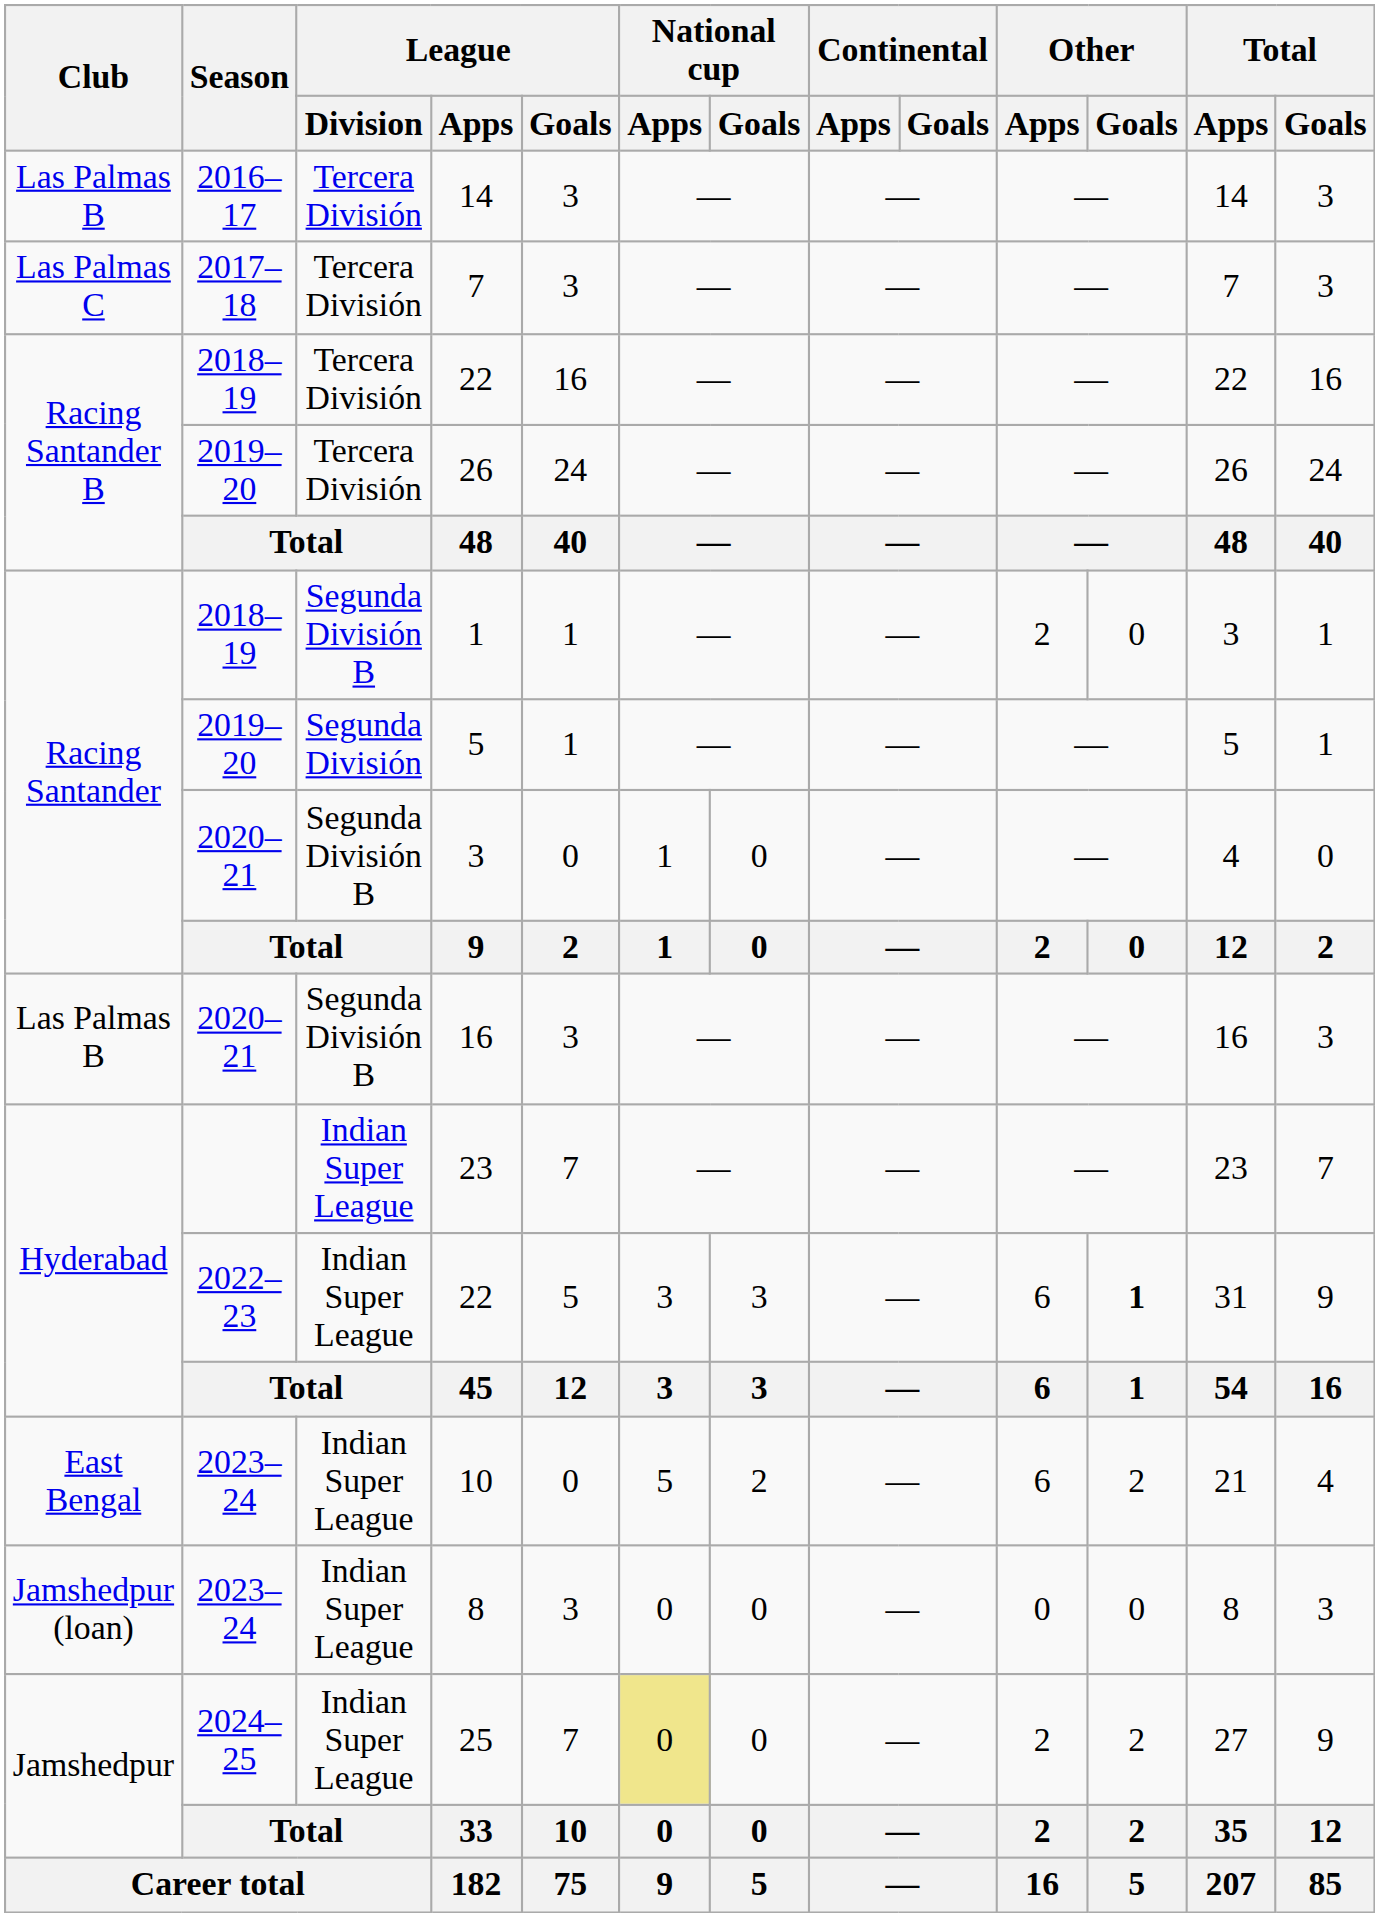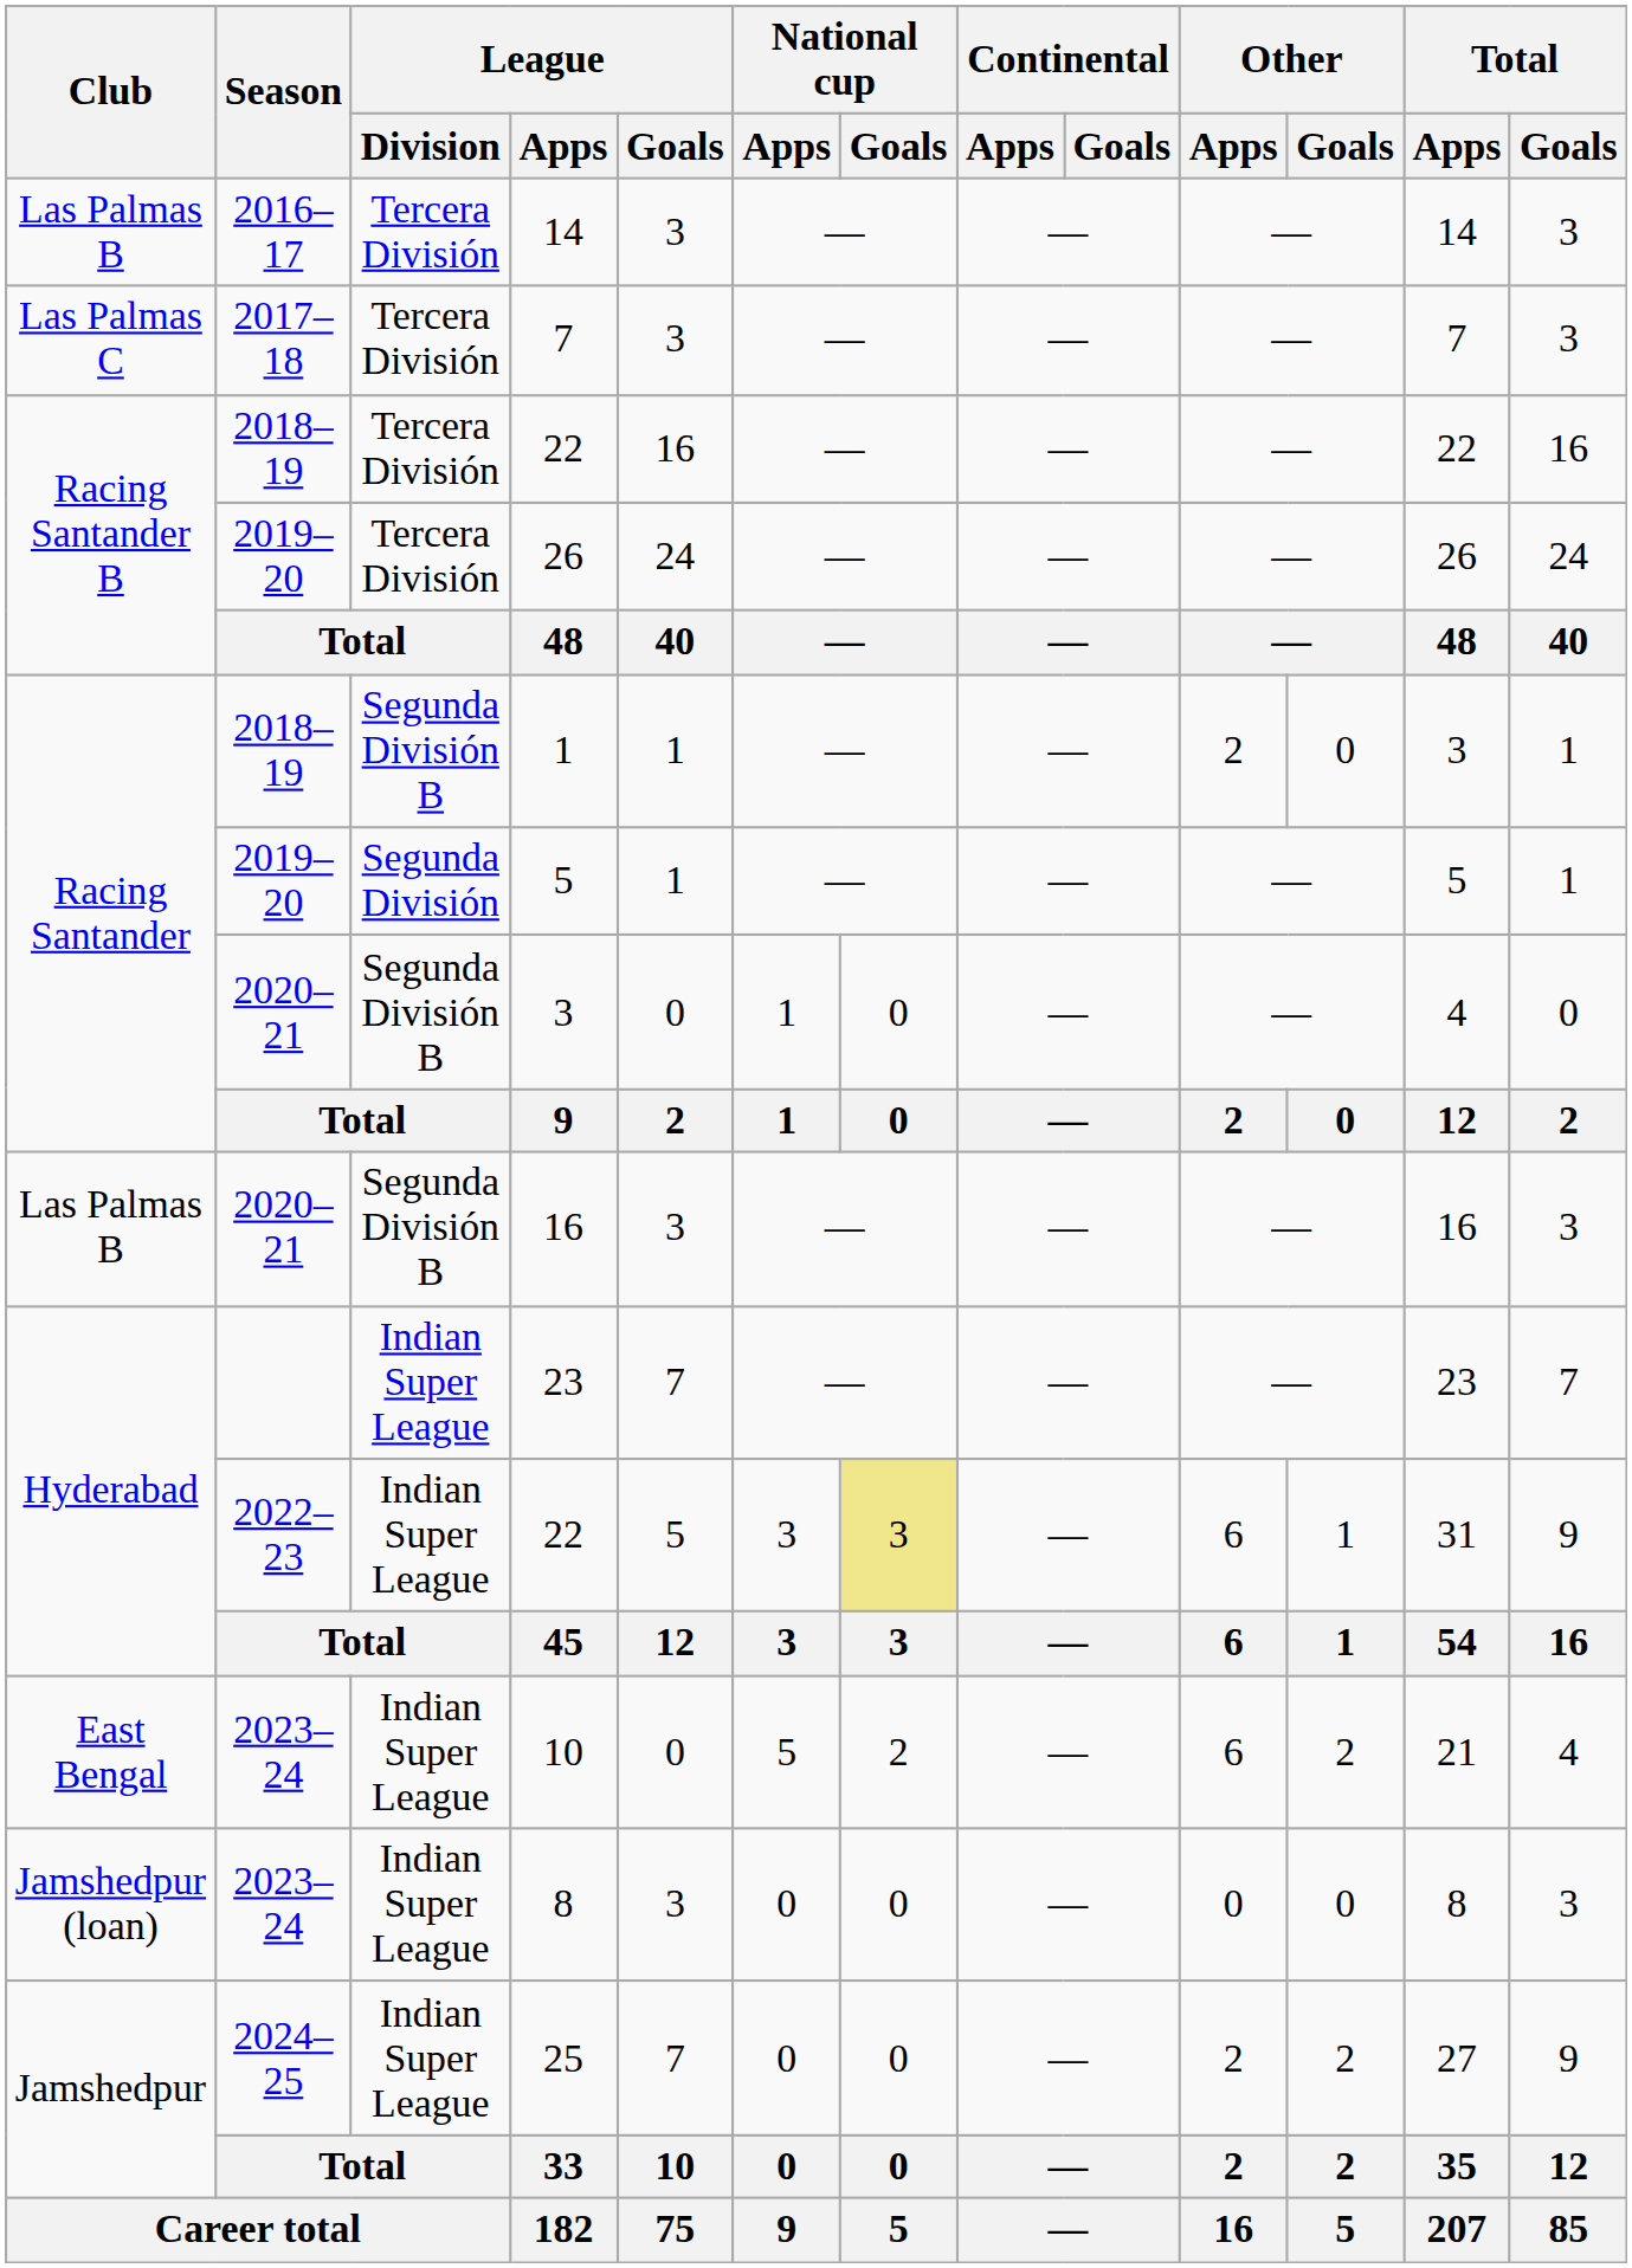 <table class="wikitable" style="text-align:center">
 <tr>
 <th rowspan="2">Club</th>
 <th rowspan="2">Season</th>
 <th colspan="3">League</th>
 <th colspan="2">National cup</th>
 <th colspan="2">Continental</th>
 <th colspan="2">Other</th>
 <th colspan="2">Total</th>
 </tr>
 <tr>
 <th>Division</th>
 <th>Apps</th>
 <th>Goals</th>
 <th>Apps</th>
 <th>Goals</th>
 <th>Apps</th>
 <th>Goals</th>
 <th>Apps</th>
 <th>Goals</th>
 <th>Apps</th>
 <th>Goals</th>
 </tr>
 <tr>
 <td><a href='#'>Las Palmas B</a></td>
 <td><a href='#'>2016–17</a></td>
 <td><a href='#'>Tercera División</a></td>
 <td>14</td>
 <td>3</td>
 <td colspan="2">—</td>
 <td colspan="2">—</td>
 <td colspan="2">—</td>
 <td>14</td>
 <td>3</td>
 </tr>
 <tr>
 <td><a href='#'>Las Palmas C</a></td>
 <td><a href='#'>2017–18</a></td>
 <td>Tercera División</td>
 <td>7</td>
 <td>3</td>
 <td colspan="2">—</td>
 <td colspan="2">—</td>
 <td colspan="2">—</td>
 <td>7</td>
 <td>3</td>
 </tr>
 <tr>
 <td rowspan="3"><a href='#'>Racing Santander B</a></td>
 <td><a href='#'>2018–19</a></td>
 <td>Tercera División</td>
 <td>22</td>
 <td>16</td>
 <td colspan="2">—</td>
 <td colspan="2">—</td>
 <td colspan="2">—</td>
 <td>22</td>
 <td>16</td>
 </tr>
 <tr>
 <td><a href='#'>2019–20</a></td>
 <td>Tercera División</td>
 <td>26</td>
 <td>24</td>
 <td colspan="2">—</td>
 <td colspan="2">—</td>
 <td colspan="2">—</td>
 <td>26</td>
 <td>24</td>
 </tr>
 <tr>
 <th colspan="2">Total</th>
 <th>48</th>
 <th>40</th>
 <th colspan="2">—</th>
 <th colspan="2">—</th>
 <th colspan="2">—</th>
 <th>48</th>
 <th>40</th>
 </tr>
 <tr>
 <td rowspan="4"><a href='#'>Racing Santander</a></td>
 <td><a href='#'>2018–19</a></td>
 <td><a href='#'>Segunda División B</a></td>
 <td>1</td>
 <td>1</td>
 <td colspan="2">—</td>
 <td colspan="2">—</td>
 <td>2</td>
 <td>0</td>
 <td>3</td>
 <td>1</td>
 </tr>
 <tr>
 <td><a href='#'>2019–20</a></td>
 <td><a href='#'>Segunda División</a></td>
 <td>5</td>
 <td>1</td>
 <td colspan="2">—</td>
 <td colspan="2">—</td>
 <td colspan="2">—</td>
 <td>5</td>
 <td>1</td>
 </tr>
 <tr>
 <td><a href='#'>2020–21</a></td>
 <td>Segunda División B</td>
 <td>3</td>
 <td>0</td>
 <td>1</td>
 <td>0</td>
 <td colspan="2">—</td>
 <td colspan="2">—</td>
 <td>4</td>
 <td>0</td>
 </tr>
 <tr>
 <th colspan="2">Total</th>
 <th>9</th>
 <th>2</th>
 <th>1</th>
 <th>0</th>
 <th colspan="2">—</th>
 <th>2</th>
 <th>0</th>
 <th>12</th>
 <th>2</th>
 </tr>
 <tr>
 <td>Las Palmas B</td>
 <td><a href='#'>2020–21</a></td>
 <td>Segunda División B</td>
 <td>16</td>
 <td>3</td>
 <td colspan="2">—</td>
 <td colspan="2">—</td>
 <td colspan="2">—</td>
 <td>16</td>
 <td>3</td>
 </tr>
 <tr>
 <td rowspan="3"><a href='#'>Hyderabad</a></td>
 <td></td>
 <td><a href='#'>Indian Super League</a></td>
 <td>23</td>
 <td>7</td>
 <td colspan="2">—</td>
 <td colspan="2">—</td>
 <td colspan="2">—</td>
 <td>23</td>
 <td>7</td>
 </tr>
 <tr>
 <td><a href='#'>2022–23</a></td>
 <td>Indian Super League</td>
 <td>22</td>
 <td>5</td>
 <td>3</td>
-<td>3</td>
+<td style="background: khaki;">3</td>
 <td colspan="2">—</td>
 <td>6</td>
-<td><strong>1</strong></td>
+<td>1</td>
 <td>31</td>
 <td>9</td>
 </tr>
 <tr>
 <th colspan="2">Total</th>
 <th>45</th>
 <th>12</th>
 <th>3</th>
 <th>3</th>
 <th colspan="2">—</th>
 <th>6</th>
 <th>1</th>
 <th>54</th>
 <th>16</th>
 </tr>
 <tr>
 <td><a href='#'>East Bengal</a></td>
 <td><a href='#'>2023–24</a></td>
 <td>Indian Super League</td>
 <td>10</td>
 <td>0</td>
 <td>5</td>
 <td>2</td>
 <td colspan="2">—</td>
 <td>6</td>
 <td>2</td>
 <td>21</td>
 <td>4</td>
 </tr>
 <tr>
 <td><a href='#'>Jamshedpur</a> (loan)</td>
 <td><a href='#'>2023–24</a></td>
 <td>Indian Super League</td>
 <td>8</td>
 <td>3</td>
 <td>0</td>
 <td>0</td>
 <td colspan="2">—</td>
 <td>0</td>
 <td>0</td>
 <td>8</td>
 <td>3</td>
 </tr>
 <tr>
 <td rowspan="2">Jamshedpur</td>
 <td><a href='#'>2024–25</a></td>
 <td>Indian Super League</td>
 <td>25</td>
 <td>7</td>
-<td style="background: khaki;">0</td>
+<td>0</td>
 <td>0</td>
 <td colspan="2">—</td>
 <td>2</td>
 <td>2</td>
 <td>27</td>
 <td>9</td>
 </tr>
 <tr>
 <th colspan="2">Total</th>
 <th>33</th>
 <th>10</th>
 <th>0</th>
 <th>0</th>
 <th colspan="2">—</th>
 <th>2</th>
 <th>2</th>
 <th>35</th>
 <th>12</th>
 </tr>
 <tr>
 <th colspan="3">Career total</th>
 <th>182</th>
 <th>75</th>
 <th>9</th>
 <th>5</th>
 <th colspan="2">—</th>
 <th>16</th>
 <th>5</th>
 <th>207</th>
 <th>85</th>
 </tr>
 </table>
